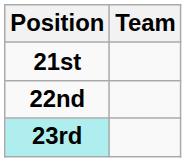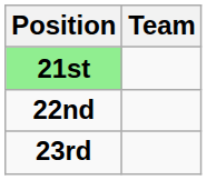 <table class="wikitable" style="text-align: center;">
 <tr>
 <th>Position</th>
 <th>Team</th>
 </tr>
 <tr>
-<td><strong>21st</strong></td>
+<td style="background: lightgreen;"><strong>21st</strong></td>
 <td align=left></td>
 </tr>
 <tr>
 <td><strong>22nd</strong></td>
 <td align=left></td>
 </tr>
 <tr>
-<td style="background: paleturquoise;"><strong>23rd</strong></td>
+<td><strong>23rd</strong></td>
 <td align=left></td>
 </tr>
 </table>
